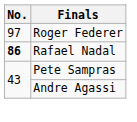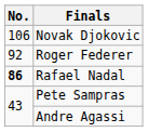 <table class="wikitable" style="display: inline-table;">
 <tr>
 <th width=20>No.</th>
 <th>Finals</th>
 </tr>
 <tr>
-<td>97</td>
+<td>106</td>
+<td> Novak Djokovic</td>
+</tr>
+<tr>
+<td>92</td>
 <td> Roger Federer</td>
 </tr>
 <tr>
 <td><strong>86</strong></td>
 <td> Rafael Nadal</td>
 </tr>
 <tr>
 <td rowspan=2>43</td>
 <td> Pete Sampras</td>
 </tr>
 <tr>
 <td> Andre Agassi</td>
 </tr>
 </table>
